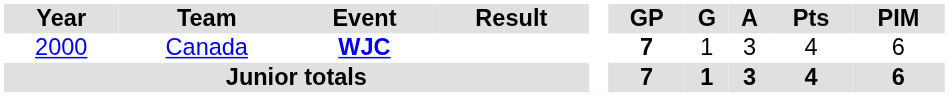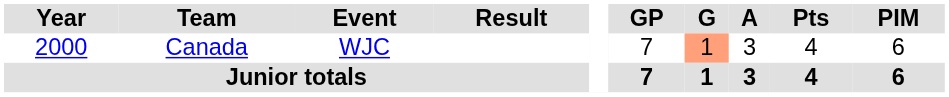 <table border="0" cellpadding="1" cellspacing="0" style="text-align:center; width:40em">
 <tr ALIGN="center" bgcolor="#e0e0e0">
 <th>Year</th>
 <th>Team</th>
 <th>Event</th>
 <th>Result</th>
 <th rowspan="99" bgcolor="#ffffff"> </th>
 <th>GP</th>
 <th>G</th>
 <th>A</th>
 <th>Pts</th>
 <th>PIM</th>
 </tr>
 <tr>
 <td><a href='#'>2000</a></td>
 <td><a href='#'>Canada</a></td>
-<td><strong><a href='#'>WJC</a></strong></td>
+<td><a href='#'>WJC</a></td>
 <td></td>
-<td><strong>7</strong></td>
-<td>1</td>
+<td>7</td>
+<td style="background: lightsalmon;">1</td>
 <td>3</td>
 <td>4</td>
 <td>6</td>
 </tr>
 <tr bgcolor="#e0e0e0">
 <th colspan="4">Junior totals</th>
 <th>7</th>
 <th>1</th>
 <th>3</th>
 <th>4</th>
 <th>6</th>
 </tr>
 </table>
